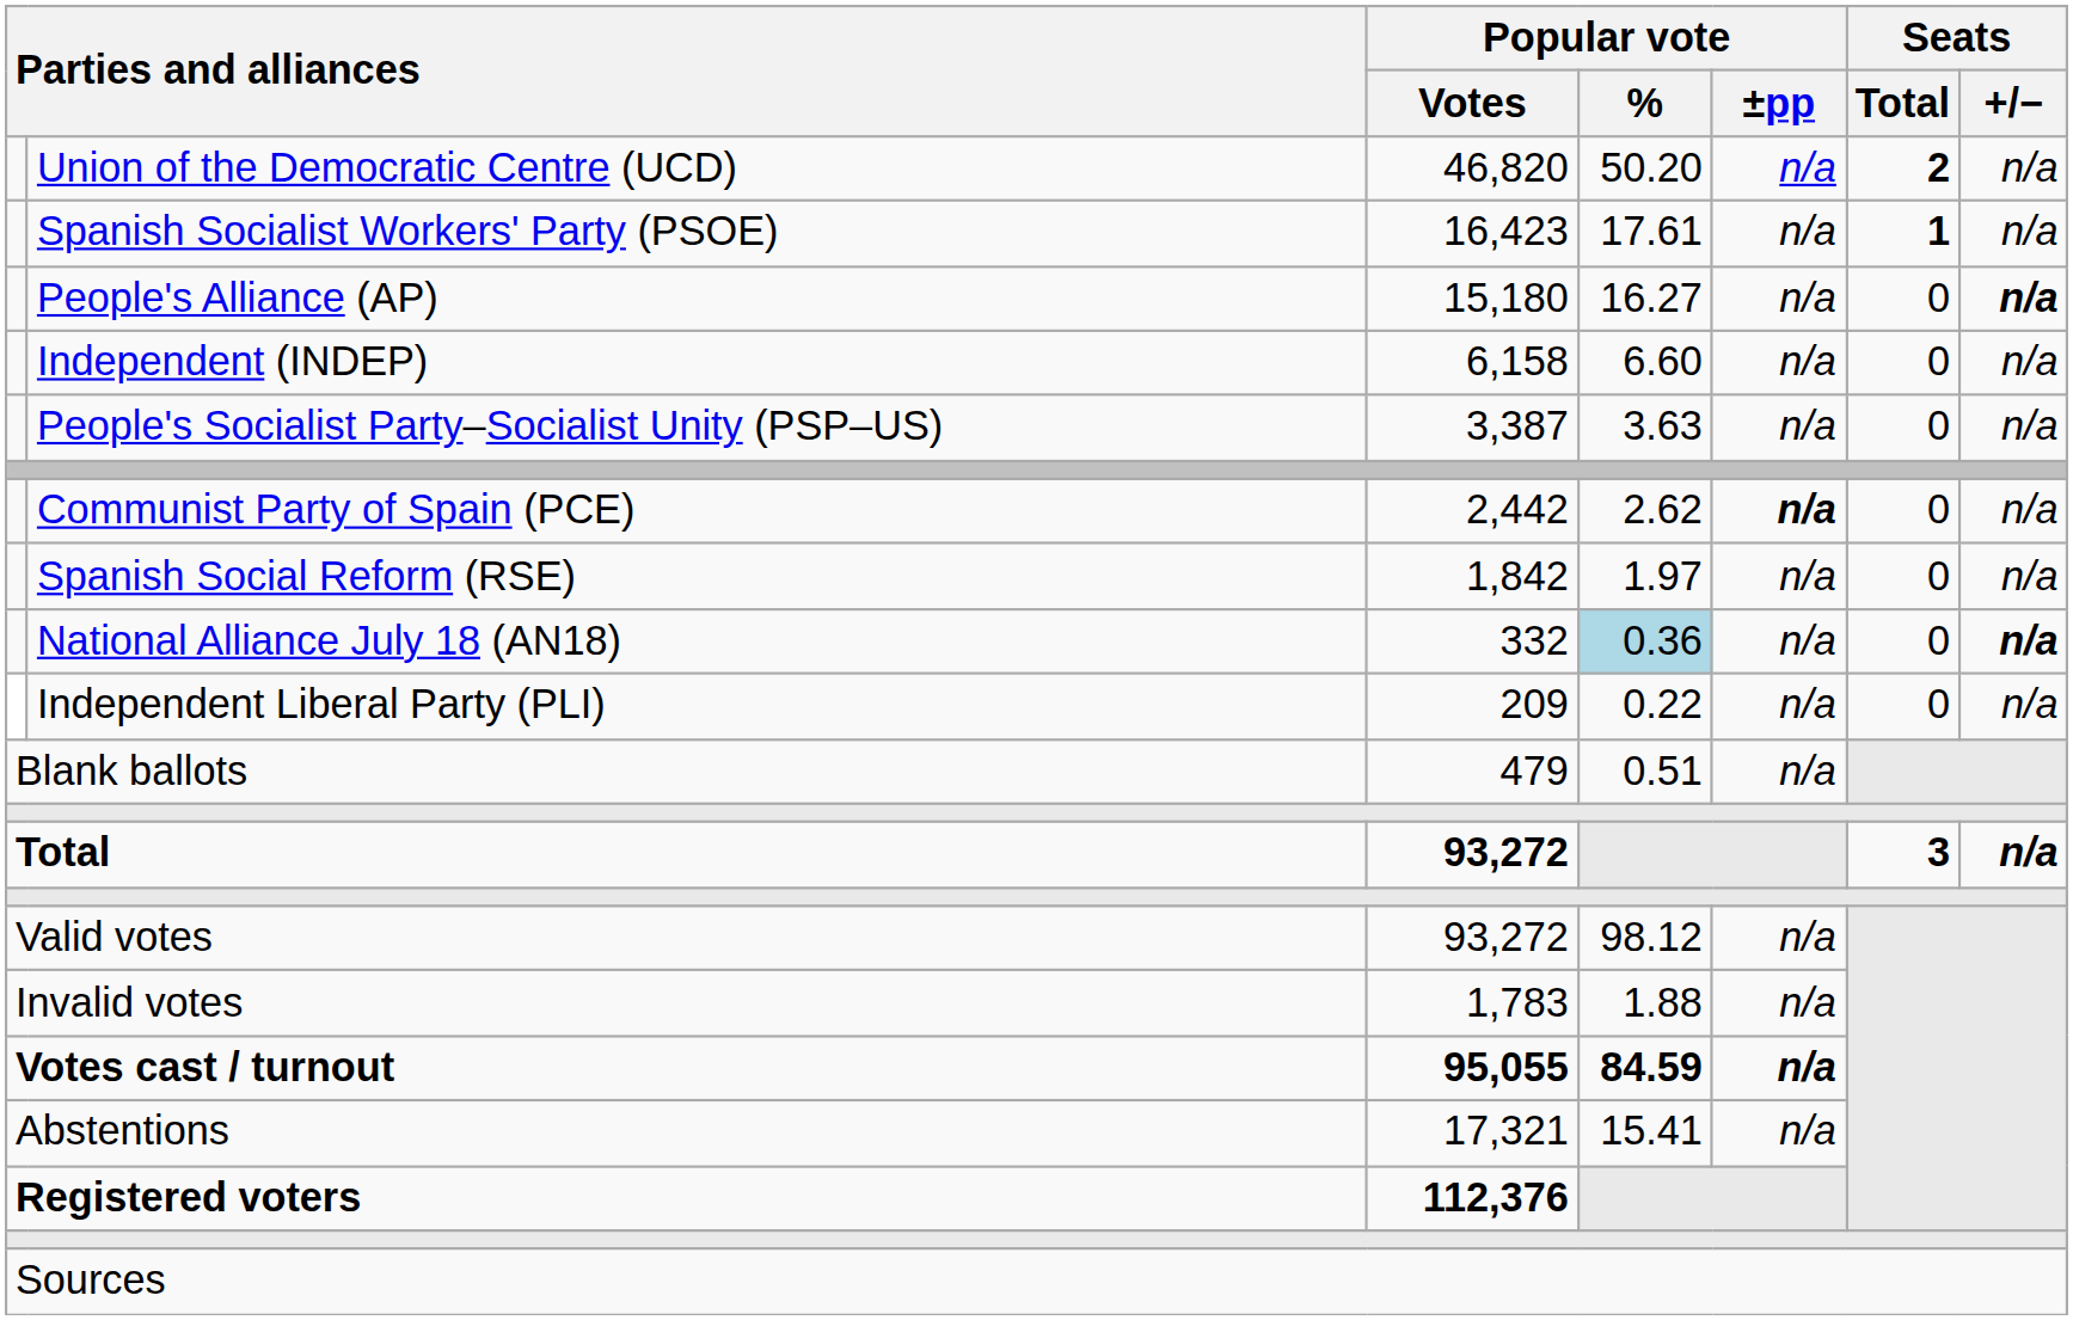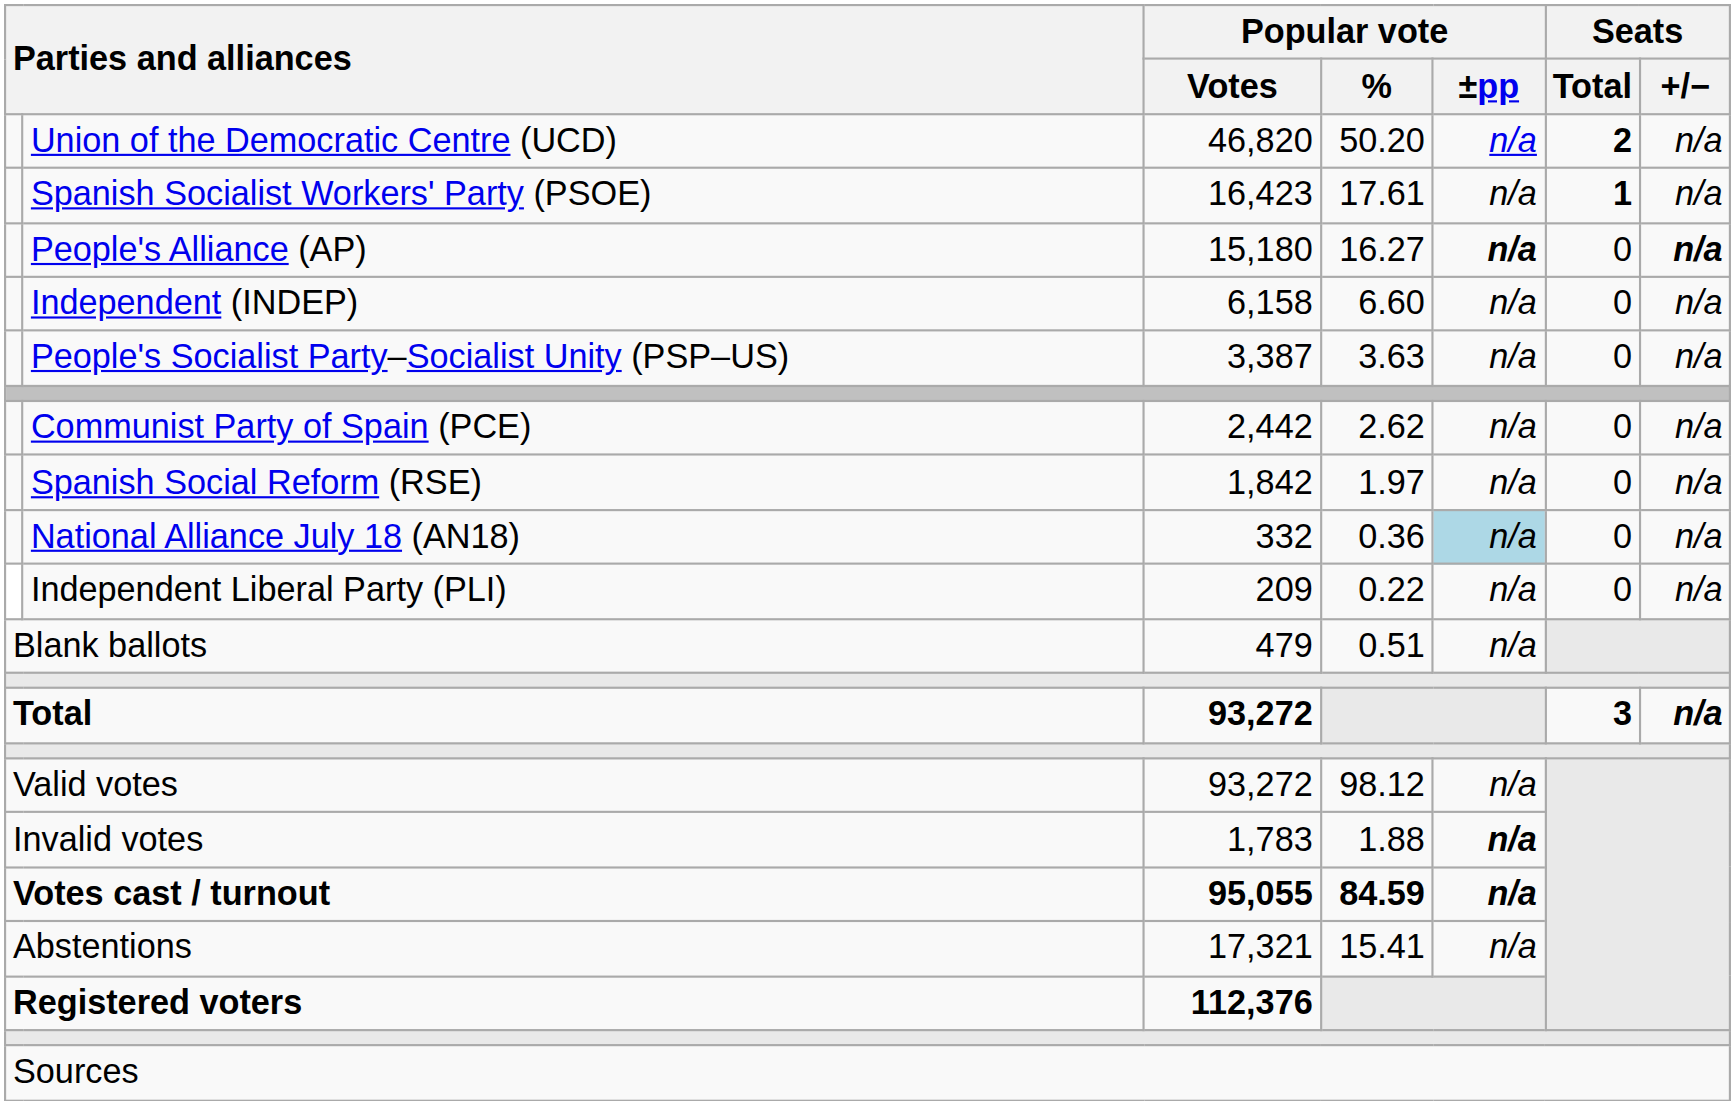 <table class="wikitable" style="text-align:right;">
 <tr>
 <th style="text-align:left;" rowspan="2" colspan="2" width="525">Parties and alliances</th>
 <th colspan="3">Popular vote</th>
 <th colspan="2">Seats</th>
 </tr>
 <tr>
 <th width="75">Votes</th>
 <th width="45">%</th>
 <th width="45">±<a href='#'>pp</a></th>
 <th width="35">Total</th>
 <th width="35">+/−</th>
 </tr>
 <tr>
 <td width="1" style="color:inherit;background:"></td>
 <td align="left"><a href='#'>Union of the Democratic Centre</a> (UCD)</td>
 <td>46,820</td>
 <td>50.20</td>
 <td><em><a href='#'>n/a</a></em></td>
 <td><strong>2</strong></td>
 <td><em>n/a</em></td>
 </tr>
 <tr>
 <td style="color:inherit;background:"></td>
 <td align="left"><a href='#'>Spanish Socialist Workers' Party</a> (PSOE)</td>
 <td>16,423</td>
 <td>17.61</td>
 <td><em>n/a</em></td>
 <td><strong>1</strong></td>
 <td><em>n/a</em></td>
 </tr>
 <tr>
 <td style="color:inherit;background:"></td>
 <td align="left"><a href='#'>People's Alliance</a> (AP)</td>
 <td>15,180</td>
 <td>16.27</td>
-<td><em>n/a</em></td>
+<td><strong><em>n/a</em></strong></td>
 <td>0</td>
 <td><strong><em>n/a</em></strong></td>
 </tr>
 <tr>
 <td style="color:inherit;background:"></td>
 <td align="left"><a href='#'>Independent</a> (INDEP)</td>
 <td>6,158</td>
 <td>6.60</td>
 <td><em>n/a</em></td>
 <td>0</td>
 <td><em>n/a</em></td>
 </tr>
 <tr>
 <td style="color:inherit;background:"></td>
 <td align="left"><a href='#'>People's Socialist Party</a>–<a href='#'>Socialist Unity</a> (PSP–US)</td>
 <td>3,387</td>
 <td>3.63</td>
 <td><em>n/a</em></td>
 <td>0</td>
 <td><em>n/a</em></td>
 </tr>
 <tr>
 <td colspan="7" bgcolor="#C0C0C0"></td>
 </tr>
 <tr>
 <td style="color:inherit;background:"></td>
 <td align="left"><a href='#'>Communist Party of Spain</a> (PCE)</td>
 <td>2,442</td>
 <td>2.62</td>
-<td><strong><em>n/a</em></strong></td>
+<td><em>n/a</em></td>
 <td>0</td>
 <td><em>n/a</em></td>
 </tr>
 <tr>
 <td style="color:inherit;background:"></td>
 <td align="left"><a href='#'>Spanish Social Reform</a> (RSE)</td>
 <td>1,842</td>
 <td>1.97</td>
 <td><em>n/a</em></td>
 <td>0</td>
 <td><em>n/a</em></td>
 </tr>
 <tr>
 <td style="color:inherit;background:"></td>
 <td align="left"><a href='#'>National Alliance July 18</a> (AN18)</td>
 <td>332</td>
-<td style="background: lightblue;">0.36</td>
+<td>0.36</td>
+<td style="background: lightblue;"><em>n/a</em></td>
+<td>0</td>
 <td><em>n/a</em></td>
-<td>0</td>
-<td><strong><em>n/a</em></strong></td>
 </tr>
 <tr>
 <td bgcolor="white"></td>
 <td align="left">Independent Liberal Party (PLI)</td>
 <td>209</td>
 <td>0.22</td>
 <td><em>n/a</em></td>
 <td>0</td>
 <td><em>n/a</em></td>
 </tr>
 <tr>
 <td align="left" colspan="2">Blank ballots</td>
 <td>479</td>
 <td>0.51</td>
 <td><em>n/a</em></td>
 <td bgcolor="#E9E9E9" colspan="2"></td>
 </tr>
 <tr>
 <td colspan="7" bgcolor="#E9E9E9"></td>
 </tr>
 <tr style="font-weight:bold;">
 <td align="left" colspan="2">Total</td>
 <td>93,272</td>
 <td bgcolor="#E9E9E9" colspan="2"></td>
 <td>3</td>
 <td><em>n/a</em></td>
 </tr>
 <tr>
 <td colspan="7" bgcolor="#E9E9E9"></td>
 </tr>
 <tr>
 <td align="left" colspan="2">Valid votes</td>
 <td>93,272</td>
 <td>98.12</td>
 <td><em>n/a</em></td>
 <td bgcolor="#E9E9E9" colspan="2" rowspan="5"></td>
 </tr>
 <tr>
 <td align="left" colspan="2">Invalid votes</td>
 <td>1,783</td>
 <td>1.88</td>
-<td><em>n/a</em></td>
+<td><strong><em>n/a</em></strong></td>
 </tr>
 <tr style="font-weight:bold;">
 <td align="left" colspan="2">Votes cast / turnout</td>
 <td>95,055</td>
 <td>84.59</td>
 <td><em>n/a</em></td>
 </tr>
 <tr>
 <td align="left" colspan="2">Abstentions</td>
 <td>17,321</td>
 <td>15.41</td>
 <td><em>n/a</em></td>
 </tr>
 <tr style="font-weight:bold;">
 <td align="left" colspan="2">Registered voters</td>
 <td>112,376</td>
 <td bgcolor="#E9E9E9" colspan="2"></td>
 </tr>
 <tr>
 <td colspan="7" bgcolor="#E9E9E9"></td>
 </tr>
 <tr>
 <td align="left" colspan="7">Sources</td>
 </tr>
 </table>
